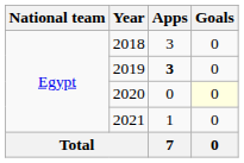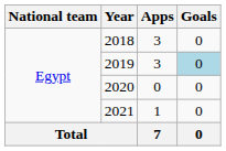 <table class="wikitable" style="text-align:center">
 <tr>
 <th>National team</th>
 <th>Year</th>
 <th>Apps</th>
 <th>Goals</th>
 </tr>
 <tr>
 <td rowspan="4"><a href='#'>Egypt</a></td>
 <td>2018</td>
 <td>3</td>
 <td>0</td>
 </tr>
 <tr>
 <td>2019</td>
-<td><strong>3</strong></td>
-<td>0</td>
+<td>3</td>
+<td style="background: lightblue;">0</td>
 </tr>
 <tr>
 <td>2020</td>
 <td>0</td>
-<td style="background: lightyellow;">0</td>
+<td>0</td>
 </tr>
 <tr>
 <td>2021</td>
 <td>1</td>
 <td>0</td>
 </tr>
 <tr>
 <th colspan="2">Total</th>
 <th>7</th>
 <th>0</th>
 </tr>
 </table>
